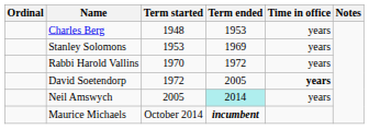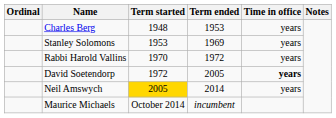 <table class="wikitable">
 <tr>
 <th>Ordinal</th>
 <th>Name</th>
 <th>Term started</th>
 <th>Term ended</th>
 <th>Time in office</th>
 <th>Notes</th>
 </tr>
 <tr>
 <td align=center></td>
 <td><a href='#'>Charles Berg</a></td>
 <td align=center>1948</td>
 <td align=center>1953</td>
 <td align=right> years</td>
 <td rowspan=6></td>
 </tr>
 <tr>
 <td align=center></td>
 <td>Stanley Solomons</td>
 <td align=center>1953</td>
 <td align=center>1969</td>
 <td align=right> years</td>
 </tr>
 <tr>
 <td align=center></td>
 <td>Rabbi Harold Vallins</td>
 <td align=center>1970</td>
 <td align=center>1972</td>
 <td align=right> years</td>
 </tr>
 <tr>
 <td align=center></td>
 <td>David Soetendorp</td>
 <td align=center>1972</td>
 <td align=center>2005</td>
 <td align=right><strong> years</strong></td>
 </tr>
 <tr>
 <td align=center></td>
 <td>Neil Amswych</td>
-<td align=center>2005</td>
-<td align=center style="background: paleturquoise;">2014</td>
+<td align=center style="background: gold;">2005</td>
+<td align=center>2014</td>
 <td align=right> years</td>
 </tr>
 <tr>
 <td align=center></td>
 <td>Maurice Michaels</td>
 <td align=center>October 2014</td>
-<td align=center><strong><em>incumbent</em></strong></td>
+<td align=center><em>incumbent</em></td>
 <td align=right></td>
 </tr>
 </table>
